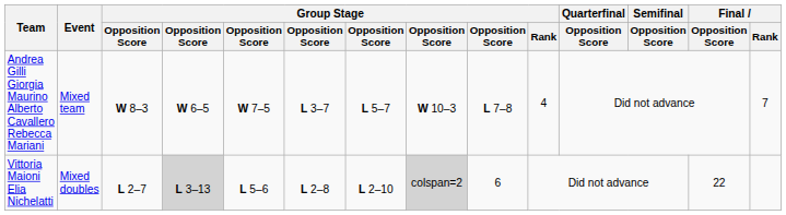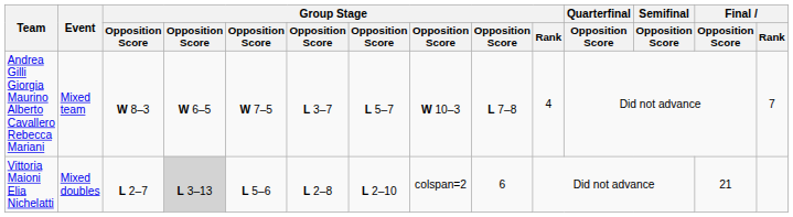 <table class="wikitable" style="font-size:90%">
 <tr>
 <th rowspan=2>Team</th>
 <th rowspan=2>Event</th>
 <th colspan=8>Group Stage</th>
 <th>Quarterfinal</th>
 <th>Semifinal</th>
 <th colspan=2>Final / </th>
 </tr>
 <tr style="font-size:95%">
 <th>Opposition <br> Score</th>
 <th>Opposition <br> Score</th>
 <th>Opposition <br> Score</th>
 <th>Opposition <br> Score</th>
 <th>Opposition <br> Score</th>
 <th>Opposition <br> Score</th>
 <th>Opposition <br> Score</th>
 <th>Rank</th>
 <th>Opposition <br> Score</th>
 <th>Opposition <br> Score</th>
 <th>Opposition <br> Score</th>
 <th>Rank</th>
 </tr>
 <tr align=center>
 <td align=left><a href='#'>Andrea Gilli</a><br><a href='#'>Giorgia Maurino</a><br><a href='#'>Alberto Cavallero</a><br><a href='#'>Rebecca Mariani</a></td>
 <td align=left><a href='#'>Mixed team</a></td>
 <td><br><strong>W</strong> 8–3</td>
 <td><br><strong>W</strong> 6–5</td>
 <td><br><strong>W</strong> 7–5</td>
 <td><br><strong>L</strong> 3–7</td>
 <td><br><strong>L</strong> 5–7</td>
 <td><br><strong>W</strong> 10–3</td>
 <td><br><strong>L</strong> 7–8</td>
 <td>4</td>
 <td colspan=3>Did not advance</td>
 <td>7</td>
 </tr>
 <tr align=center>
 <td align=left><a href='#'>Vittoria Maioni</a><br><a href='#'>Elia Nichelatti</a></td>
 <td align=left><a href='#'>Mixed doubles</a></td>
 <td><br><strong>L</strong> 2–7</td>
 <td style="background: lightgrey;"><br><strong>L</strong> 3–13</td>
 <td><br><strong>L</strong> 5–6</td>
 <td><br><strong>L</strong> 2–8</td>
 <td><br><strong>L</strong> 2–10</td>
-<td style="background: lightgrey;">colspan=2</td>
+<td>colspan=2</td>
 <td>6</td>
 <td colspan=3>Did not advance</td>
-<td>22</td>
+<td>21</td>
 </tr>
 </table>
